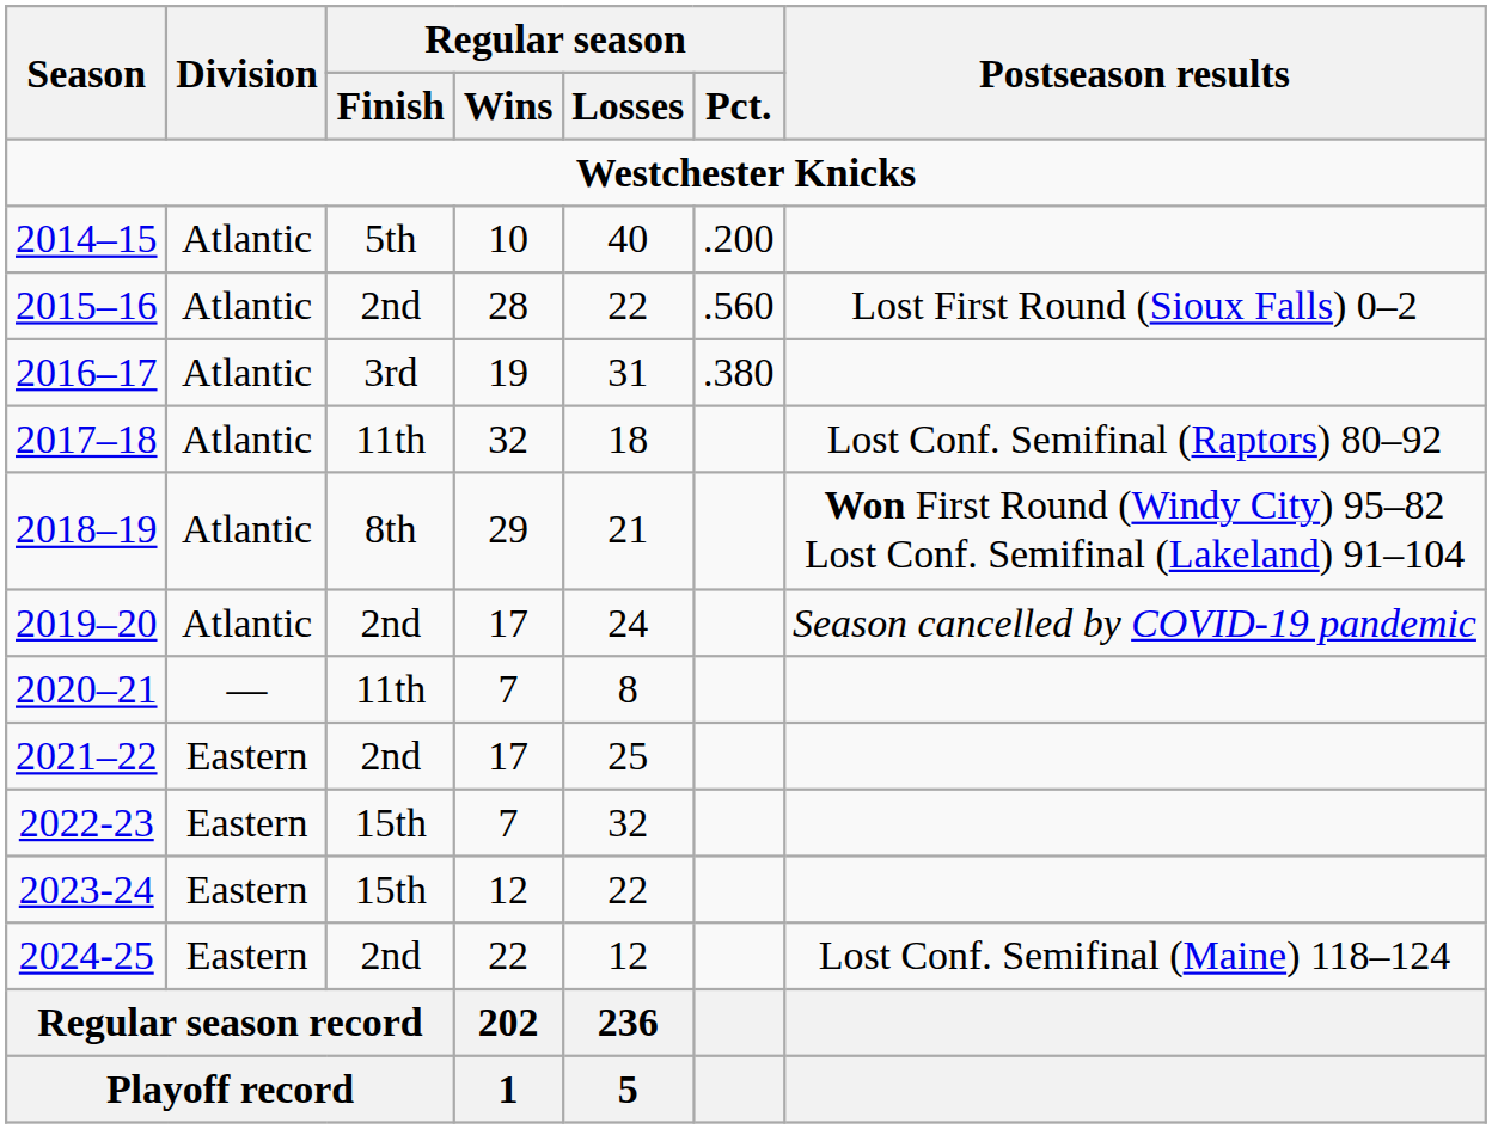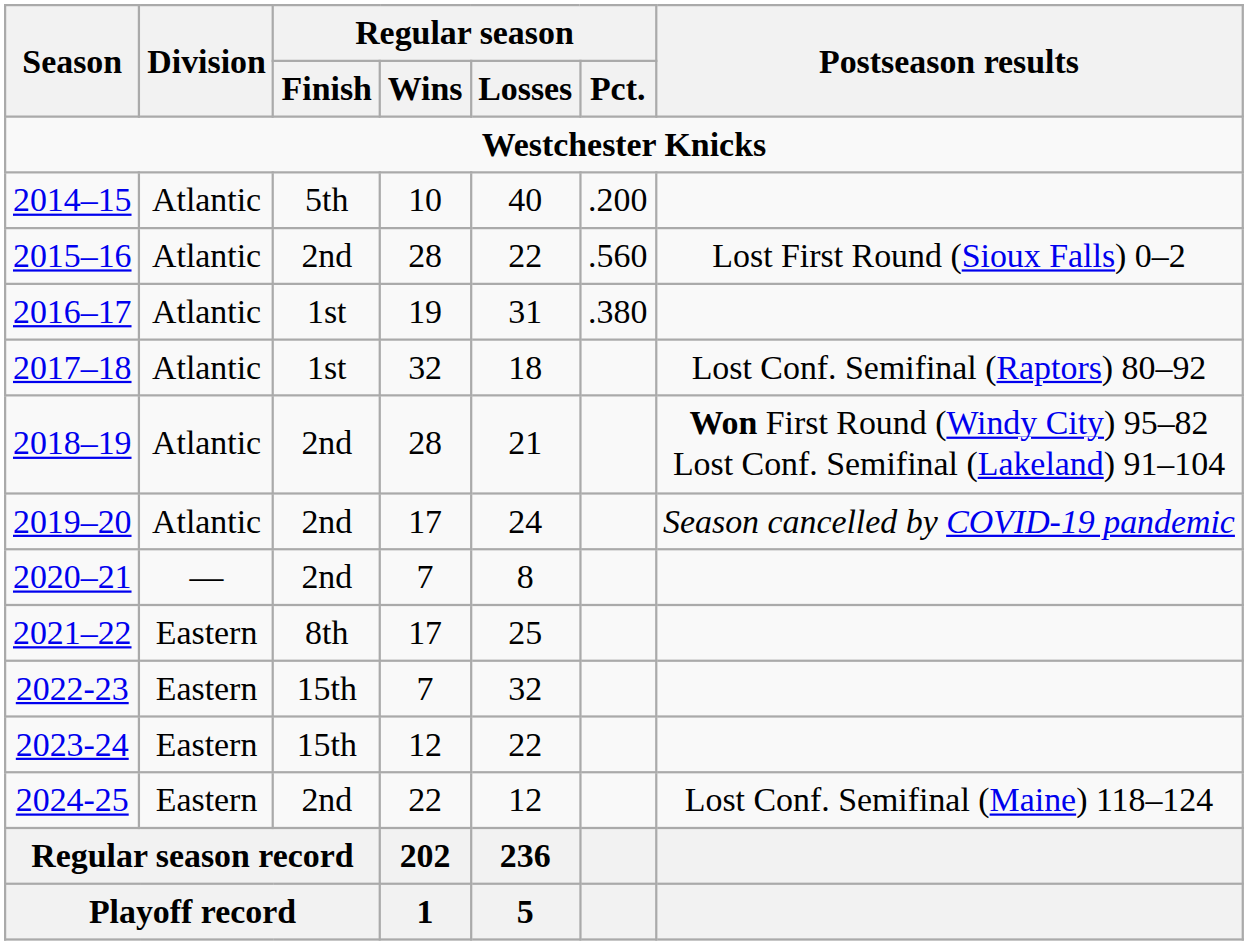 <table class="wikitable" style="font-size:95%; text-align:center">
 <tr>
 <th rowspan=2>Season</th>
 <th rowspan=2>Division</th>
 <th colspan=4>Regular season</th>
 <th rowspan=2>Postseason results</th>
 </tr>
 <tr>
 <th>Finish</th>
 <th>Wins</th>
 <th>Losses</th>
 <th>Pct.</th>
 </tr>
 <tr>
 <td colspan=10 align="center"><strong>Westchester Knicks</strong></td>
 </tr>
 <tr>
 <td><a href='#'>2014–15</a></td>
 <td>Atlantic</td>
 <td>5th</td>
 <td>10</td>
 <td>40</td>
 <td>.200</td>
 <td></td>
 </tr>
 <tr>
 <td><a href='#'>2015–16</a></td>
 <td>Atlantic</td>
 <td>2nd</td>
 <td>28</td>
 <td>22</td>
 <td>.560</td>
 <td>Lost First Round (<a href='#'>Sioux Falls</a>) 0–2</td>
 </tr>
 <tr>
 <td><a href='#'>2016–17</a></td>
 <td>Atlantic</td>
-<td>3rd</td>
+<td>1st</td>
 <td>19</td>
 <td>31</td>
 <td>.380</td>
 <td></td>
 </tr>
 <tr>
 <td><a href='#'>2017–18</a></td>
 <td>Atlantic</td>
-<td>11th</td>
+<td>1st</td>
 <td>32</td>
 <td>18</td>
 <td></td>
 <td>Lost Conf. Semifinal (<a href='#'>Raptors</a>) 80–92</td>
 </tr>
 <tr>
 <td><a href='#'>2018–19</a></td>
 <td>Atlantic</td>
-<td>8th</td>
-<td>29</td>
+<td>2nd</td>
+<td>28</td>
 <td>21</td>
 <td></td>
 <td><strong>Won</strong> First Round (<a href='#'>Windy City</a>) 95–82<br>Lost Conf. Semifinal (<a href='#'>Lakeland</a>) 91–104</td>
 </tr>
 <tr>
 <td><a href='#'>2019–20</a></td>
 <td>Atlantic</td>
 <td>2nd</td>
 <td>17</td>
 <td>24</td>
 <td></td>
 <td><em>Season cancelled by <a href='#'>COVID-19 pandemic</a></em></td>
 </tr>
 <tr>
 <td><a href='#'>2020–21</a></td>
 <td>—</td>
-<td>11th</td>
+<td>2nd</td>
 <td>7</td>
 <td>8</td>
 <td></td>
 <td></td>
 </tr>
 <tr>
 <td><a href='#'>2021–22</a></td>
 <td>Eastern</td>
-<td>2nd</td>
+<td>8th</td>
 <td>17</td>
 <td>25</td>
 <td></td>
 <td></td>
 </tr>
 <tr>
 <td><a href='#'>2022-23</a></td>
 <td>Eastern</td>
 <td>15th</td>
 <td>7</td>
 <td>32</td>
 <td></td>
 <td></td>
 </tr>
 <tr>
 <td><a href='#'>2023-24</a></td>
 <td>Eastern</td>
 <td>15th</td>
 <td>12</td>
 <td>22</td>
 <td></td>
 <td></td>
 </tr>
 <tr>
 <td><a href='#'>2024-25</a></td>
 <td>Eastern</td>
 <td>2nd</td>
 <td>22</td>
 <td>12</td>
 <td></td>
 <td>Lost Conf. Semifinal (<a href='#'>Maine</a>) 118–124</td>
 </tr>
 <tr>
 <th colspan="3">Regular season record</th>
 <th>202</th>
 <th>236</th>
 <th></th>
 <th></th>
 </tr>
 <tr>
 <th colspan=3>Playoff record</th>
 <th>1</th>
 <th>5</th>
 <th></th>
 <th></th>
 </tr>
 </table>
